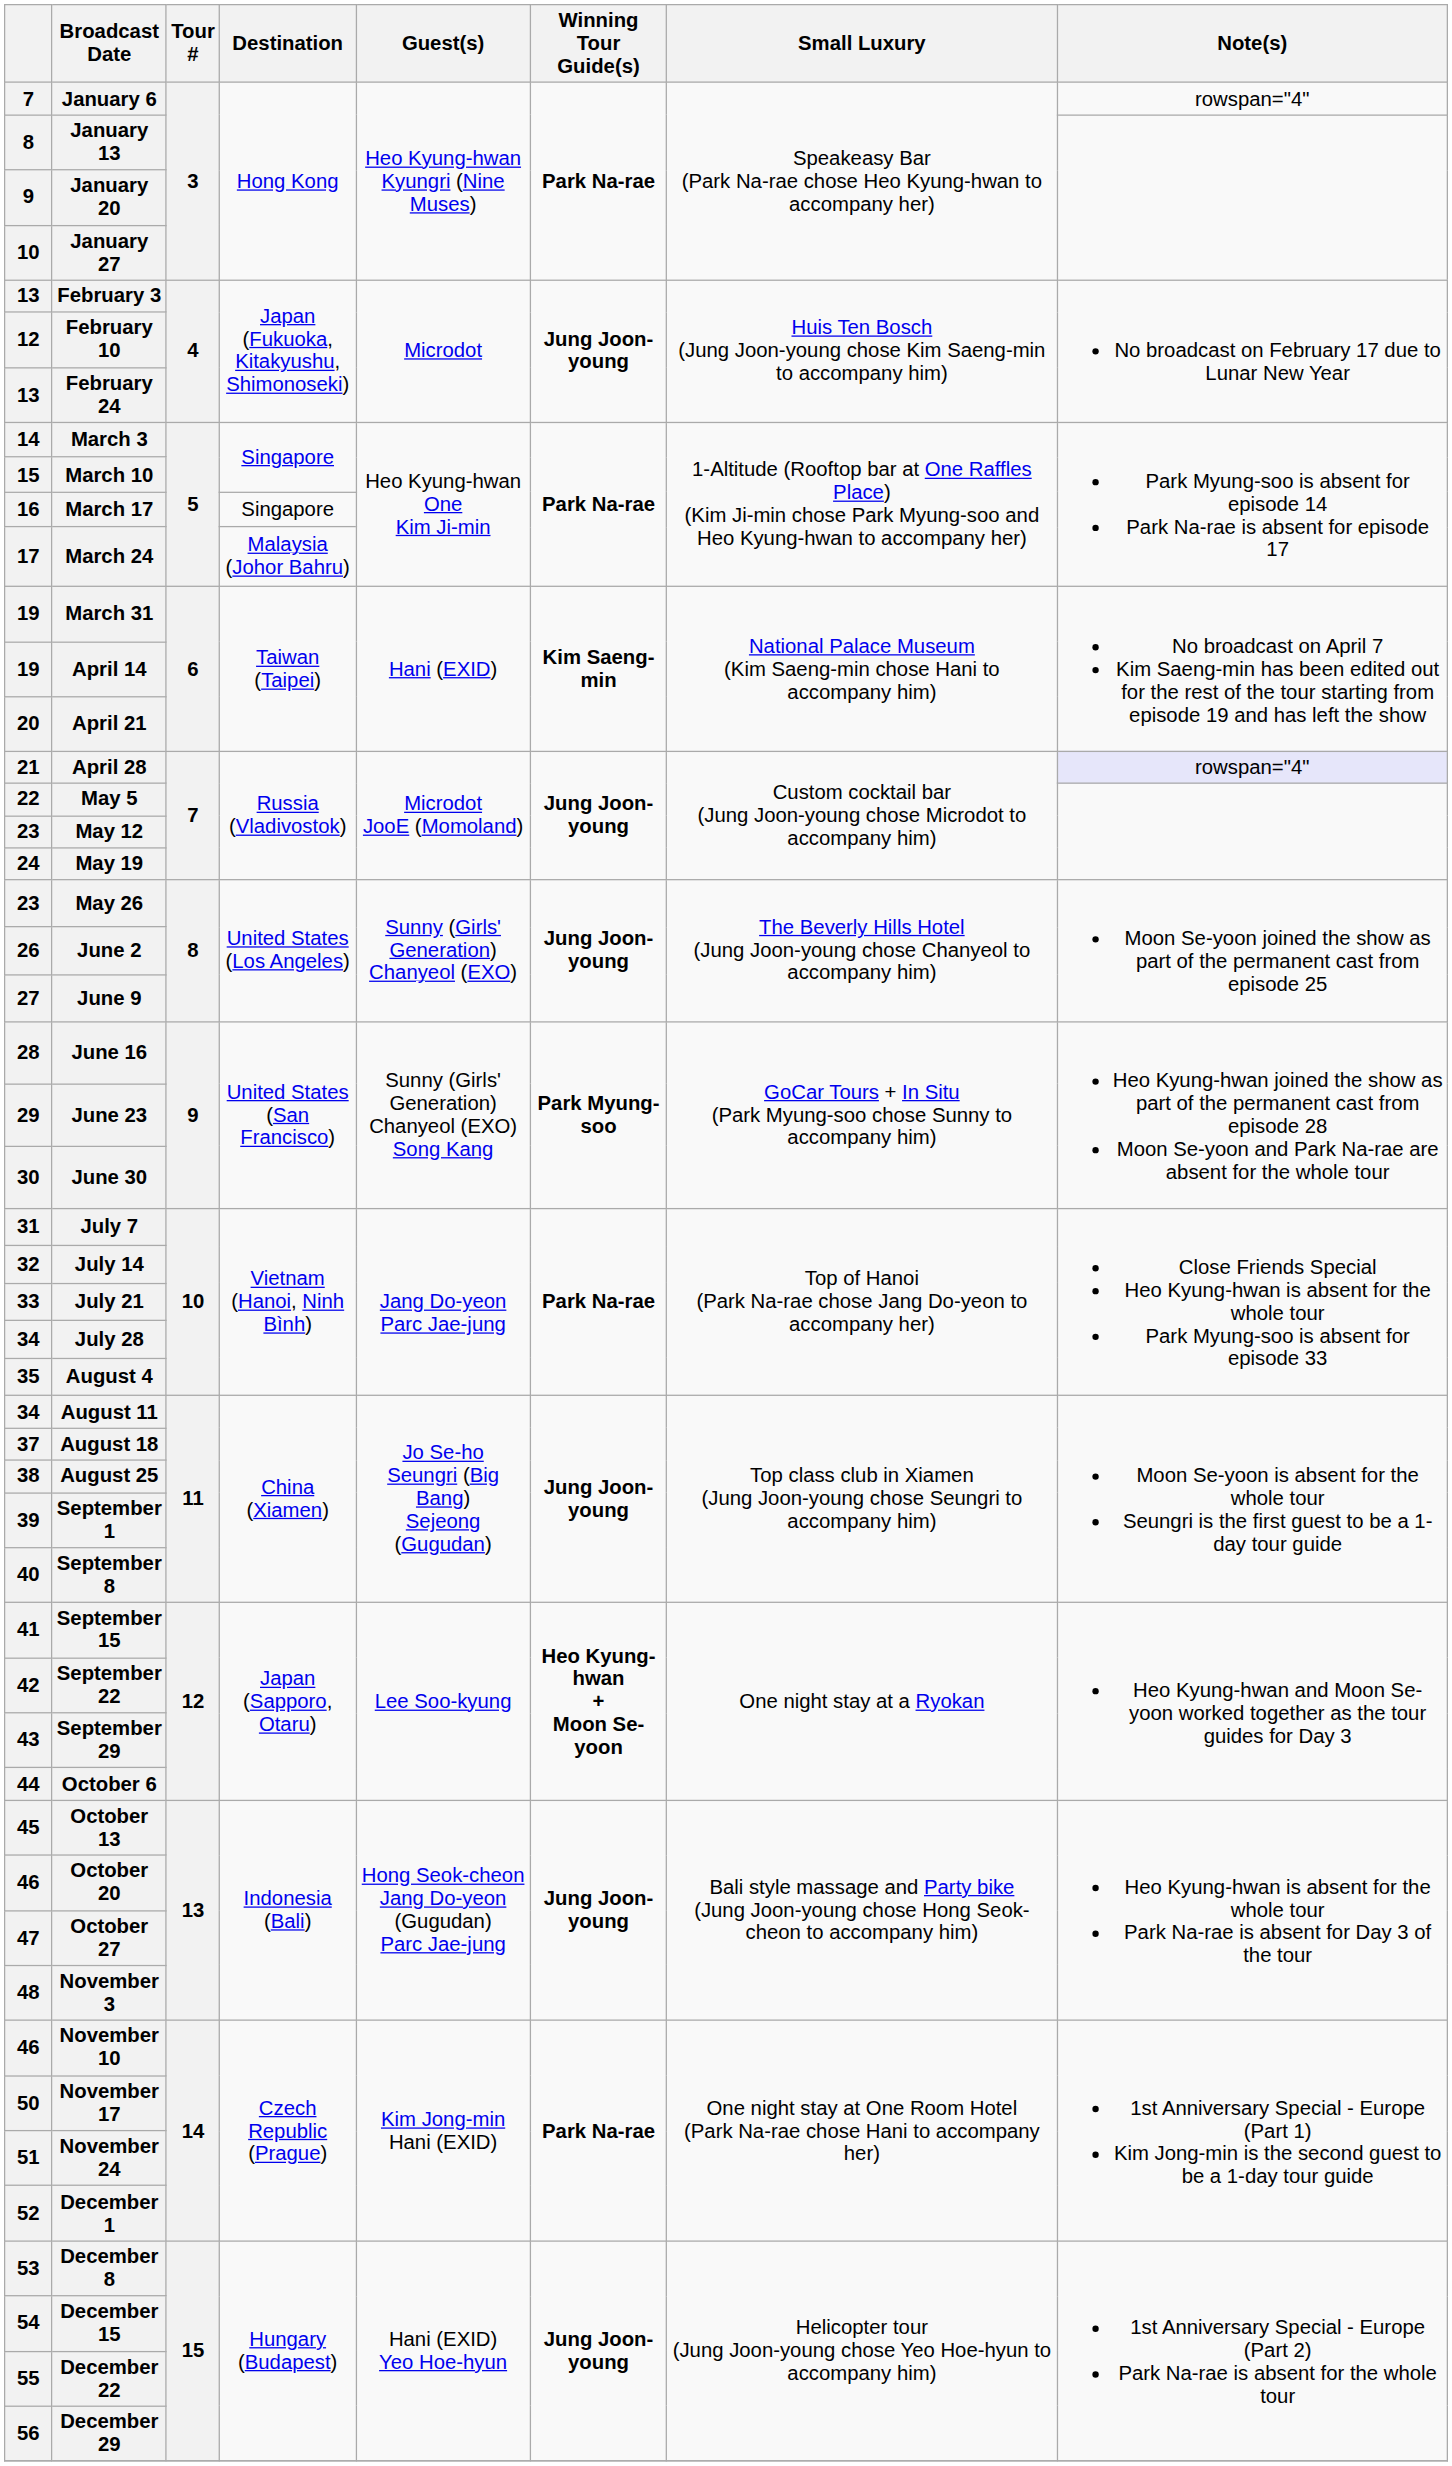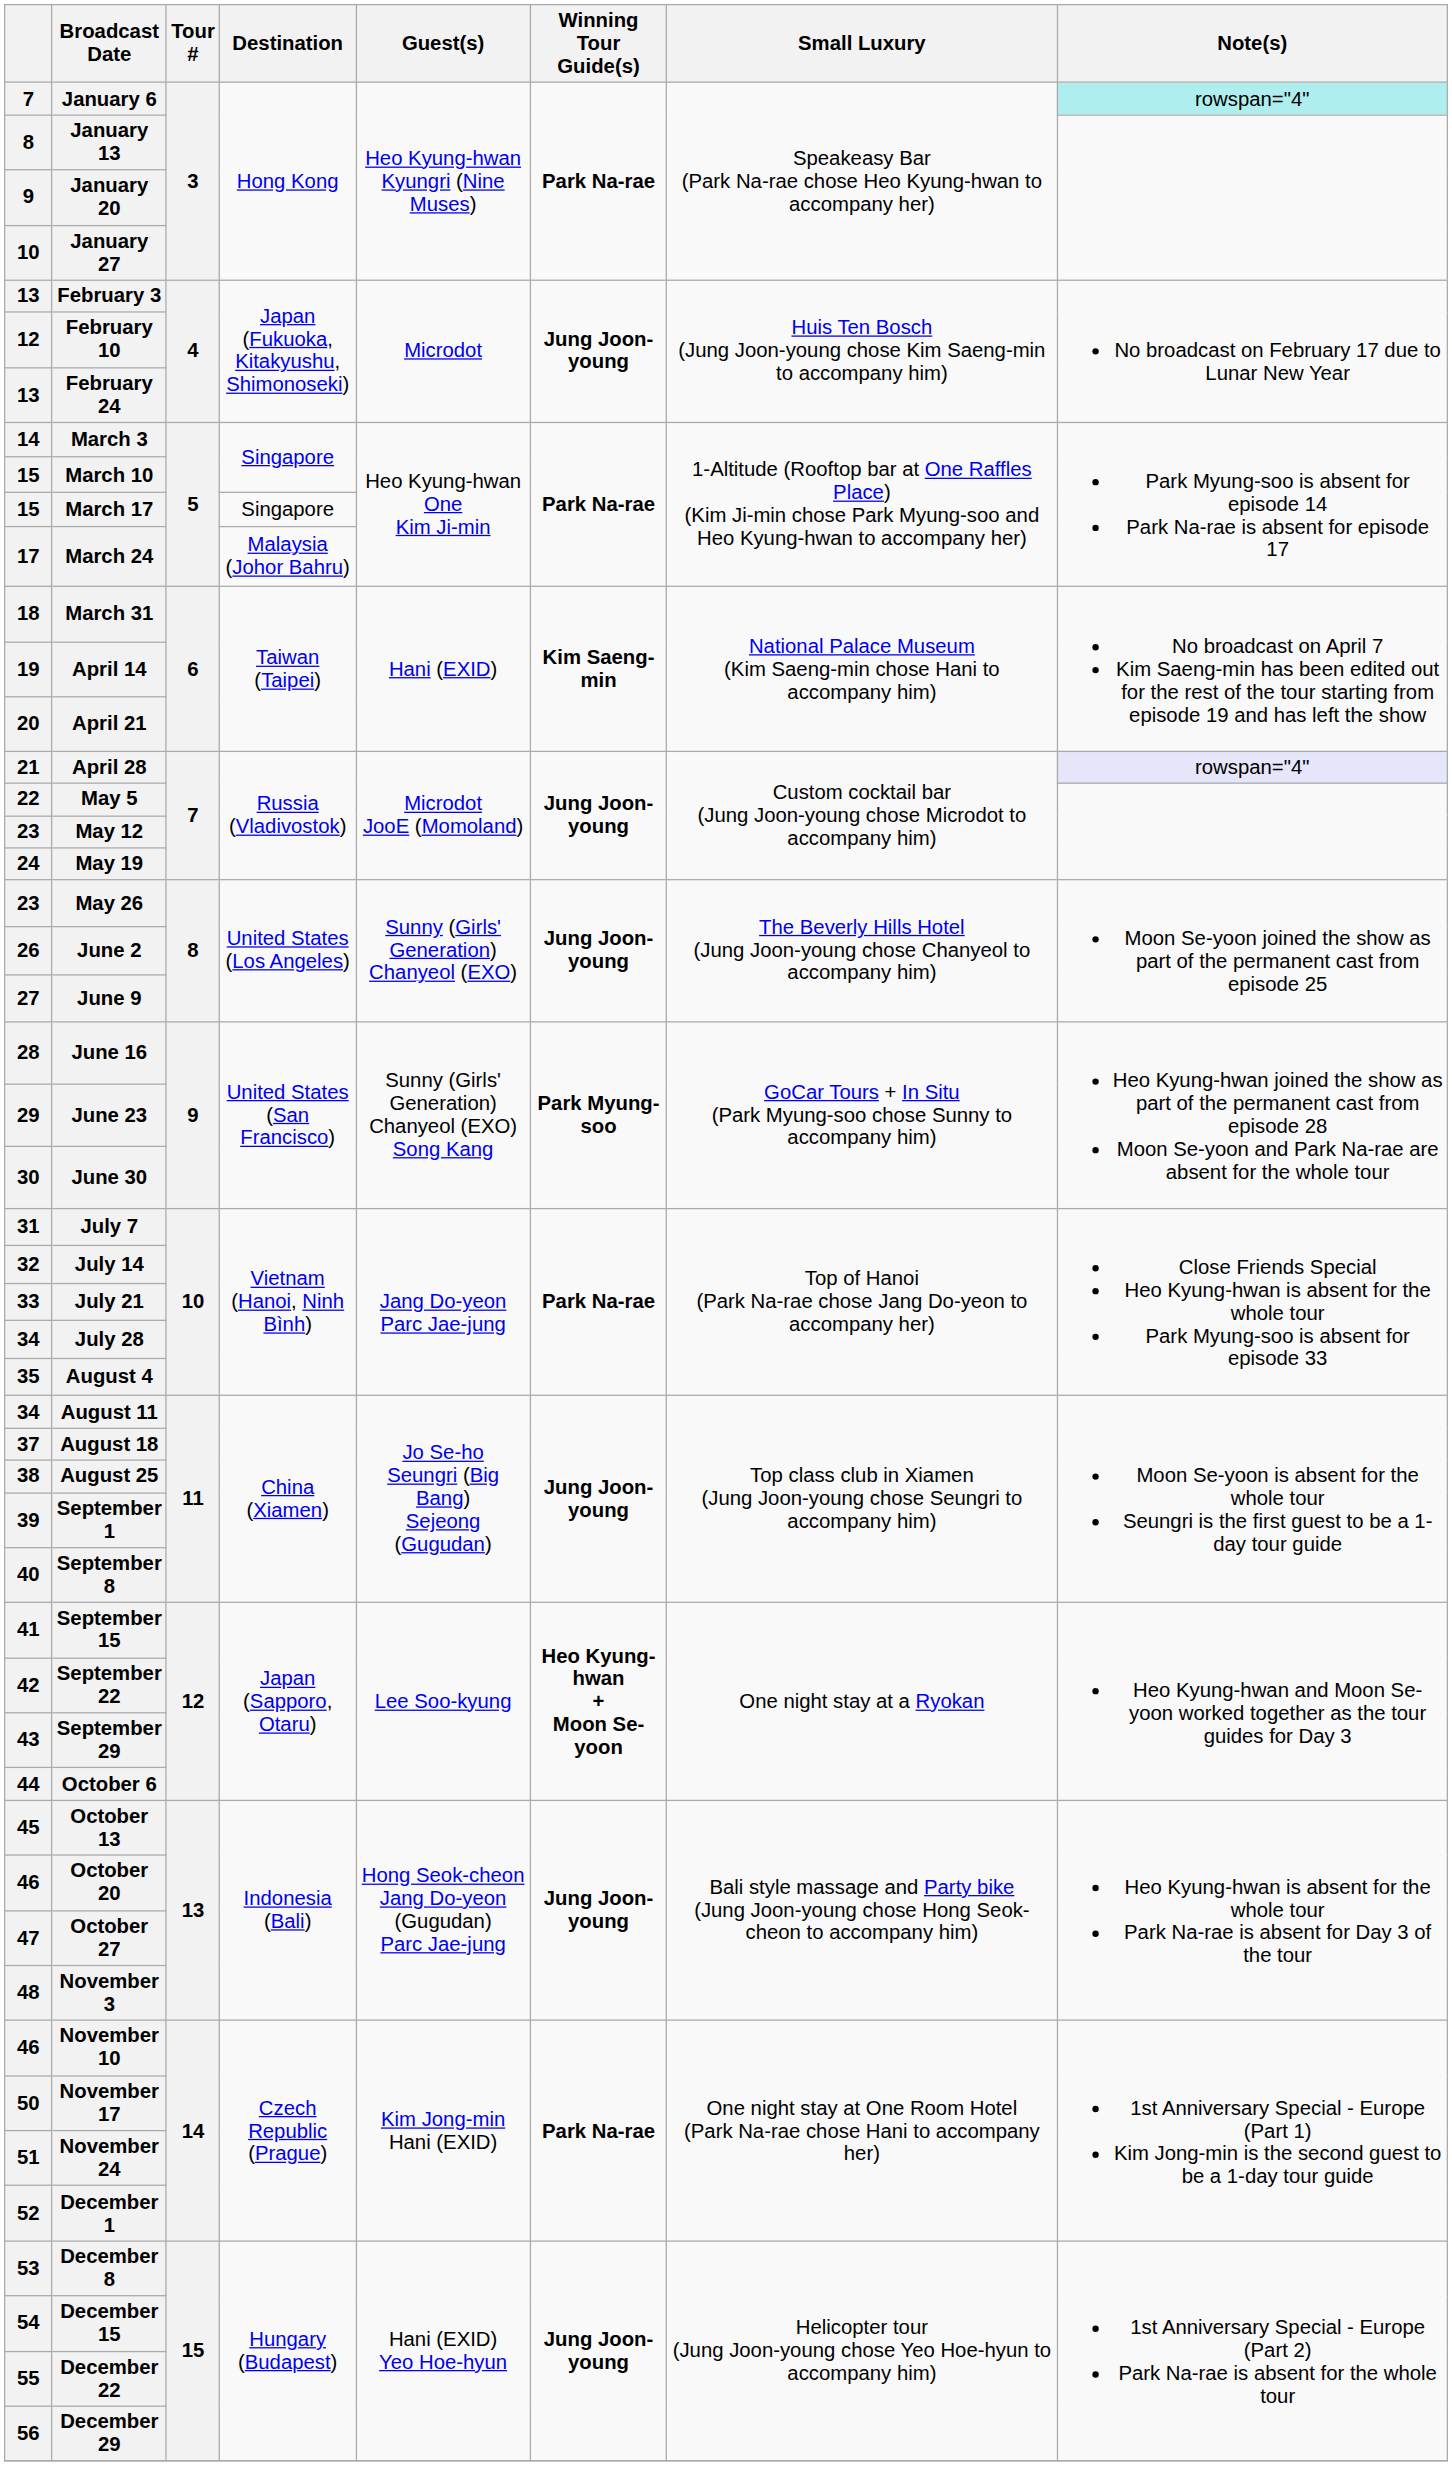 <table Class ="wikitable" style="text-align:center">
 <tr>
 <th style="width:30px"></th>
 <th style="width:80px">Broadcast Date</th>
 <th style="width:30px">Tour #</th>
 <th style="width:100px">Destination</th>
 <th style="width:130px">Guest(s)</th>
 <th style="width:100px">Winning Tour Guide(s)</th>
 <th style="width:300px">Small Luxury</th>
 <th style="width:300px">Note(s)</th>
 </tr>
 <tr>
 <th>7</th>
 <th>January 6</th>
 <th rowspan="4">3</th>
 <td rowspan="4"><a href='#'>Hong Kong</a></td>
 <td rowspan="4"><a href='#'>Heo Kyung-hwan</a><br><a href='#'>Kyungri</a> (<a href='#'>Nine Muses</a>)</td>
 <td rowspan="4"><strong>Park Na-rae</strong></td>
 <td rowspan="4">Speakeasy Bar<br>(Park Na-rae chose Heo Kyung-hwan to accompany her)</td>
-<td>rowspan="4" </td>
+<td style="background: paleturquoise;">rowspan="4" </td>
 </tr>
 <tr>
 <th>8</th>
 <th>January 13</th>
 </tr>
 <tr>
 <th>9</th>
 <th>January 20</th>
 </tr>
 <tr>
 <th>10</th>
 <th>January 27</th>
 </tr>
 <tr>
 <th>13</th>
 <th>February 3</th>
 <th rowspan="3">4</th>
 <td rowspan="3"><a href='#'>Japan</a> (<a href='#'>Fukuoka</a>, <a href='#'>Kitakyushu</a>, <a href='#'>Shimonoseki</a>)</td>
 <td rowspan="3"><a href='#'>Microdot</a></td>
 <td rowspan="3"><strong>Jung Joon-young</strong></td>
 <td rowspan="3"><a href='#'>Huis Ten Bosch</a><br>(Jung Joon-young chose Kim Saeng-min to accompany him)</td>
 <td rowspan="3"><br><ul><li>No broadcast on February 17 due to Lunar New Year</li></ul></td>
 </tr>
 <tr>
 <th>12</th>
 <th>February 10</th>
 </tr>
 <tr>
 <th>13</th>
 <th>February 24</th>
 </tr>
 <tr>
 <th>14</th>
 <th>March 3</th>
 <th rowspan="4">5</th>
 <td rowspan="2"><a href='#'>Singapore</a></td>
 <td rowspan="4">Heo Kyung-hwan<br><a href='#'>One</a><br><a href='#'>Kim Ji-min</a></td>
 <td rowspan="4"><strong>Park Na-rae</strong></td>
 <td rowspan="4">1-Altitude (Rooftop bar at <a href='#'>One Raffles Place</a>)<br>(Kim Ji-min chose Park Myung-soo and Heo Kyung-hwan to accompany her)</td>
 <td rowspan="4"><br><ul><li>Park Myung-soo is absent for episode 14</li><li>Park Na-rae is absent for episode 17</li></ul></td>
 </tr>
 <tr>
 <th>15</th>
 <th>March 10</th>
 </tr>
 <tr>
-<th>16</th>
+<th>15</th>
 <th>March 17</th>
 <td>Singapore</td>
 </tr>
 <tr>
 <th>17</th>
 <th>March 24</th>
 <td><a href='#'>Malaysia</a> (<a href='#'>Johor Bahru</a>)</td>
 </tr>
 <tr>
-<th>19</th>
+<th>18</th>
 <th>March 31</th>
 <th rowspan="3">6</th>
 <td rowspan="3"><a href='#'>Taiwan</a> (<a href='#'>Taipei</a>)</td>
 <td rowspan="3"><a href='#'>Hani</a> (<a href='#'>EXID</a>)</td>
 <td rowspan="3"><strong>Kim Saeng-min</strong></td>
 <td rowspan="3"><a href='#'>National Palace Museum</a><br>(Kim Saeng-min chose Hani to accompany him)</td>
 <td rowspan="3"><br><ul><li>No broadcast on April 7</li><li>Kim Saeng-min has been edited out for the rest of the tour starting from episode 19 and has left the show</li></ul></td>
 </tr>
 <tr>
 <th>19</th>
 <th>April 14</th>
 </tr>
 <tr>
 <th>20</th>
 <th>April 21</th>
 </tr>
 <tr>
 <th>21</th>
 <th>April 28</th>
 <th rowspan="4">7</th>
 <td rowspan="4"><a href='#'>Russia</a> (<a href='#'>Vladivostok</a>)</td>
 <td rowspan="4"><a href='#'>Microdot</a><br><a href='#'>JooE</a> (<a href='#'>Momoland</a>)</td>
 <td rowspan="4"><strong>Jung Joon-young</strong></td>
 <td rowspan="4">Custom cocktail bar<br>(Jung Joon-young chose Microdot to accompany him)</td>
 <td style="background: lavender;">rowspan="4" </td>
 </tr>
 <tr>
 <th>22</th>
 <th>May 5</th>
 </tr>
 <tr>
 <th>23</th>
 <th>May 12</th>
 </tr>
 <tr>
 <th>24</th>
 <th>May 19</th>
 </tr>
 <tr>
 <th>23</th>
 <th>May 26</th>
 <th rowspan="3">8</th>
 <td rowspan="3"><a href='#'>United States</a> (<a href='#'>Los Angeles</a>)</td>
 <td rowspan="3"><a href='#'>Sunny</a> (<a href='#'>Girls' Generation</a>)<br><a href='#'>Chanyeol</a> (<a href='#'>EXO</a>)</td>
 <td rowspan="3"><strong>Jung Joon-young</strong></td>
 <td rowspan="3"><a href='#'>The Beverly Hills Hotel</a><br>(Jung Joon-young chose Chanyeol to accompany him)</td>
 <td rowspan="3"><br><ul><li>Moon Se-yoon joined the show as part of the permanent cast from episode 25</li></ul></td>
 </tr>
 <tr>
 <th>26</th>
 <th>June 2</th>
 </tr>
 <tr>
 <th>27</th>
 <th>June 9</th>
 </tr>
 <tr>
 <th>28</th>
 <th>June 16</th>
 <th rowspan="3">9</th>
 <td rowspan="3"><a href='#'>United States</a> (<a href='#'>San Francisco</a>)</td>
 <td rowspan="3">Sunny (Girls' Generation)<br>Chanyeol (EXO)<br><a href='#'>Song Kang</a></td>
 <td rowspan="3"><strong>Park Myung-soo</strong></td>
 <td rowspan="3"><a href='#'>GoCar Tours</a> + <a href='#'>In Situ</a><br>(Park Myung-soo chose Sunny to accompany him)</td>
 <td rowspan="3"><br><ul><li>Heo Kyung-hwan joined the show as part of the permanent cast from episode 28</li><li>Moon Se-yoon and Park Na-rae are absent for the whole tour</li></ul></td>
 </tr>
 <tr>
 <th>29</th>
 <th>June 23</th>
 </tr>
 <tr>
 <th>30</th>
 <th>June 30</th>
 </tr>
 <tr>
 <th>31</th>
 <th>July 7</th>
 <th rowspan="5">10</th>
 <td rowspan="5"><a href='#'>Vietnam</a> (<a href='#'>Hanoi</a>, <a href='#'>Ninh Bình</a>)</td>
 <td rowspan="5"><br><a href='#'>Jang Do-yeon</a><br><a href='#'>Parc Jae-jung</a></td>
 <td rowspan="5"><strong>Park Na-rae</strong></td>
 <td rowspan="5">Top of Hanoi<br>(Park Na-rae chose Jang Do-yeon to accompany her)</td>
 <td rowspan="5"><br><ul><li>Close Friends Special</li><li>Heo Kyung-hwan is absent for the whole tour</li><li>Park Myung-soo is absent for episode 33</li></ul></td>
 </tr>
 <tr>
 <th>32</th>
 <th>July 14</th>
 </tr>
 <tr>
 <th>33</th>
 <th>July 21</th>
 </tr>
 <tr>
 <th>34</th>
 <th>July 28</th>
 </tr>
 <tr>
 <th>35</th>
 <th>August 4</th>
 </tr>
 <tr>
 <th>34</th>
 <th>August 11</th>
 <th rowspan="5">11</th>
 <td rowspan="5"><a href='#'>China</a> (<a href='#'>Xiamen</a>)</td>
 <td rowspan="5"><a href='#'>Jo Se-ho</a><br><a href='#'>Seungri</a> (<a href='#'>Big Bang</a>)<br><a href='#'>Sejeong</a> (<a href='#'>Gugudan</a>)</td>
 <td rowspan="5"><strong>Jung Joon-young</strong></td>
 <td rowspan="5">Top class club in Xiamen <br>(Jung Joon-young chose Seungri to accompany him)</td>
 <td rowspan="5"><br><ul><li>Moon Se-yoon is absent for the whole tour</li><li>Seungri is the first guest to be a 1-day tour guide</li></ul></td>
 </tr>
 <tr>
 <th>37</th>
 <th>August 18</th>
 </tr>
 <tr>
 <th>38</th>
 <th>August 25</th>
 </tr>
 <tr>
 <th>39</th>
 <th>September 1</th>
 </tr>
 <tr>
 <th>40</th>
 <th>September 8</th>
 </tr>
 <tr>
 <th>41</th>
 <th>September 15</th>
 <th rowspan="4">12</th>
 <td rowspan="4"><a href='#'>Japan</a> (<a href='#'>Sapporo</a>, <a href='#'>Otaru</a>)</td>
 <td rowspan="4"><a href='#'>Lee Soo-kyung</a></td>
 <td rowspan="4"><strong>Heo Kyung-hwan<br>+<br>Moon Se-yoon</strong></td>
 <td rowspan="4">One night stay at a <a href='#'>Ryokan</a></td>
 <td rowspan="4"><br><ul><li>Heo Kyung-hwan and Moon Se-yoon worked together as the tour guides for Day 3</li></ul></td>
 </tr>
 <tr>
 <th>42</th>
 <th>September 22</th>
 </tr>
 <tr>
 <th>43</th>
 <th>September 29</th>
 </tr>
 <tr>
 <th>44</th>
 <th>October 6</th>
 </tr>
 <tr>
 <th>45</th>
 <th>October 13</th>
 <th rowspan="4">13</th>
 <td rowspan="4"><a href='#'>Indonesia</a> (<a href='#'>Bali</a>)</td>
 <td rowspan="4"><a href='#'>Hong Seok-cheon</a><br><a href='#'>Jang Do-yeon</a><br> (Gugudan)<br><a href='#'>Parc Jae-jung</a></td>
 <td rowspan="4"><strong>Jung Joon-young</strong></td>
 <td rowspan="4">Bali style massage and <a href='#'>Party bike</a><br>(Jung Joon-young chose Hong Seok-cheon to accompany him)</td>
 <td rowspan="4"><br><ul><li>Heo Kyung-hwan is absent for the whole tour</li><li>Park Na-rae is absent for Day 3 of the tour</li></ul></td>
 </tr>
 <tr>
 <th>46</th>
 <th>October 20</th>
 </tr>
 <tr>
 <th>47</th>
 <th>October 27</th>
 </tr>
 <tr>
 <th>48</th>
 <th>November 3</th>
 </tr>
 <tr>
 <th>46</th>
 <th>November 10</th>
 <th rowspan="4">14</th>
 <td rowspan="4"><a href='#'>Czech Republic</a> (<a href='#'>Prague</a>)</td>
 <td rowspan="4"><a href='#'>Kim Jong-min</a><br>Hani (EXID)</td>
 <td rowspan="4"><strong>Park Na-rae</strong></td>
 <td rowspan="4">One night stay at One Room Hotel<br>(Park Na-rae chose Hani to accompany her)</td>
 <td rowspan="4"><br><ul><li>1st Anniversary Special - Europe (Part 1)</li><li>Kim Jong-min is the second guest to be a 1-day tour guide</li></ul></td>
 </tr>
 <tr>
 <th>50</th>
 <th>November 17</th>
 </tr>
 <tr>
 <th>51</th>
 <th>November 24</th>
 </tr>
 <tr>
 <th>52</th>
 <th>December 1</th>
 </tr>
 <tr>
 <th>53</th>
 <th>December 8</th>
 <th rowspan="4">15</th>
 <td rowspan="4"><a href='#'>Hungary</a> (<a href='#'>Budapest</a>)</td>
 <td rowspan="4">Hani (EXID)<br><a href='#'>Yeo Hoe-hyun</a></td>
 <td rowspan="4"><strong>Jung Joon-young</strong></td>
 <td rowspan="4">Helicopter tour<br>(Jung Joon-young chose Yeo Hoe-hyun to accompany him)</td>
 <td rowspan="4"><br><ul><li>1st Anniversary Special - Europe (Part 2)</li><li>Park Na-rae is absent for the whole tour</li></ul></td>
 </tr>
 <tr>
 <th>54</th>
 <th>December 15</th>
 </tr>
 <tr>
 <th>55</th>
 <th>December 22</th>
 </tr>
 <tr>
 <th>56</th>
 <th>December 29</th>
 </tr>
 <tr>
 </tr>
 </table>
